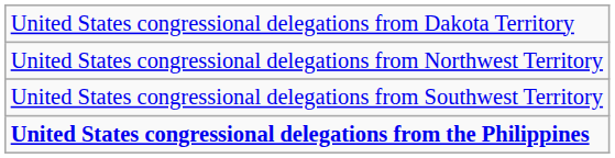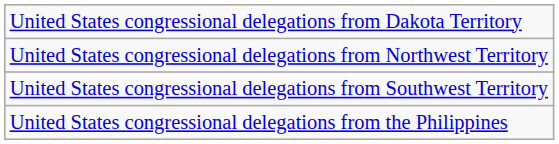 <table class=wikitable style="font-size:80%">
 <tr>
 <td><a href='#'>United States congressional delegations from Dakota Territory</a></td>
 </tr>
 <tr>
 <td><a href='#'>United States congressional delegations from Northwest Territory</a></td>
 </tr>
 <tr>
 <td><a href='#'>United States congressional delegations from Southwest Territory</a></td>
 </tr>
 <tr>
-<td><strong><a href='#'>United States congressional delegations from the Philippines</a></strong></td>
+<td><a href='#'>United States congressional delegations from the Philippines</a></td>
 </tr>
 </table>
